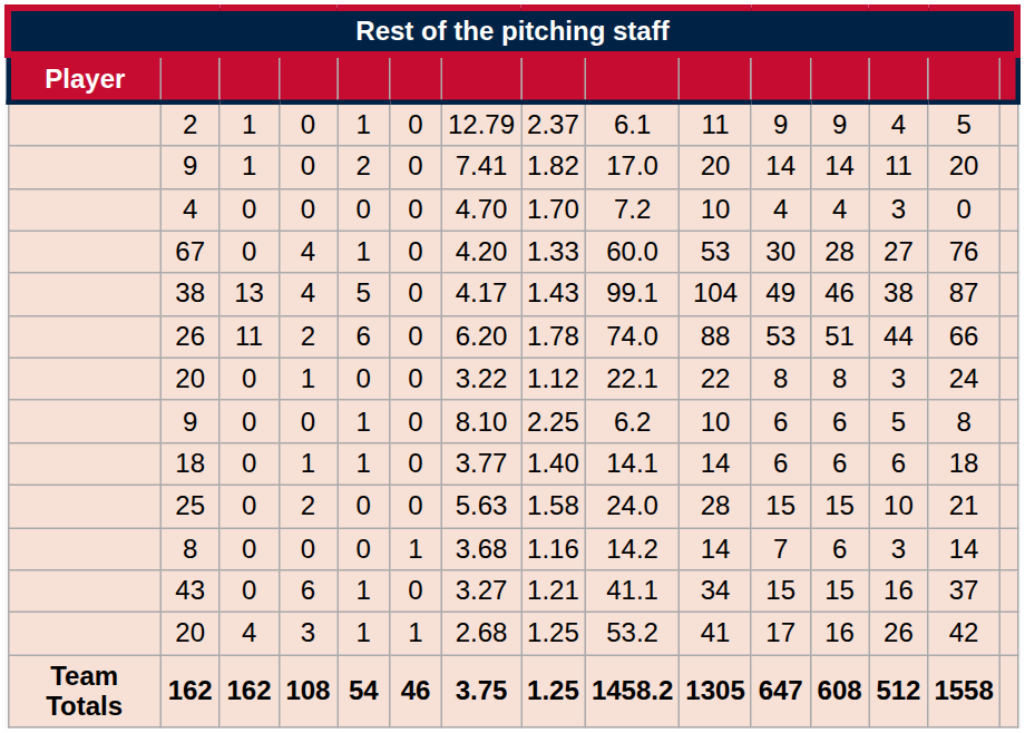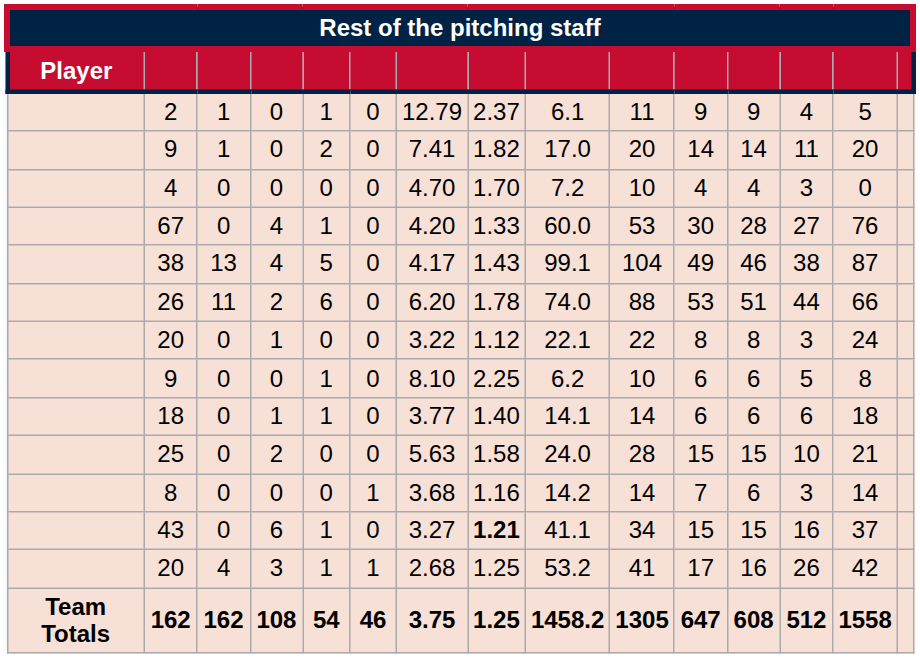 <table class="wikitable sortable mw-collapsible mw-collapsed">
 <tr>
 <th colspan=15 style="background:#024; border: 4px solid #c60c30; color:#fff">Rest of the pitching staff</th>
 </tr>
 <tr>
 <th style="background:#c60c30; width:20%; color:#fff; border-top: 3px solid #024; border-bottom: 3px solid #024; border-left: 3px solid #024;">Player</th>
 <th style="background:#c60c30; width:6%; color:#fff; border-top: 3px solid #024; border-bottom: 3px solid #024;"></th>
 <th style="background:#c60c30; width:6%; color:#fff; border-top: 3px solid #024; border-bottom: 3px solid #024;"></th>
 <th style="background:#c60c30; width:6%; color:#fff; border-top: 3px solid #024; border-bottom: 3px solid #024;"></th>
 <th style="background:#c60c30; width:6%; color:#fff; border-top: 3px solid #024; border-bottom: 3px solid #024;"></th>
 <th style="background:#c60c30; width:6%; color:#fff; border-top: 3px solid #024; border-bottom: 3px solid #024;"></th>
 <th style="background:#c60c30; width:6%; color:#fff; border-top: 3px solid #024; border-bottom: 3px solid #024;"></th>
 <th style="background:#c60c30; width:6%; color:#fff; border-top: 3px solid #024; border-bottom: 3px solid #024;"></th>
 <th style="background:#c60c30; width:6%; color:#fff; border-top: 3px solid #024; border-bottom: 3px solid #024;"></th>
 <th style="background:#c60c30; width:6%; color:#fff; border-top: 3px solid #024; border-bottom: 3px solid #024;"></th>
 <th style="background:#c60c30; width:6%; color:#fff; border-top: 3px solid #024; border-bottom: 3px solid #024;"></th>
 <th style="background:#c60c30; width:6%; color:#fff; border-top: 3px solid #024; border-bottom: 3px solid #024;"></th>
 <th style="background:#c60c30; width:6%; color:#fff; border-top: 3px solid #024; border-bottom: 3px solid #024;"></th>
 <th style="background:#c60c30; width:6%; color:#fff; border-top: 3px solid #024; border-bottom: 3px solid #024;"></th>
 <th style="background:#c60c30; width:6%; color:#fff; border-top: 3px solid #024; border-bottom: 3px solid #024; border-right: 3px solid #024;"></th>
 </tr>
 <tr style="text-align:center; background:#f7e1d7;">
 <td></td>
 <td>2</td>
 <td>1</td>
 <td>0</td>
 <td>1</td>
 <td>0</td>
 <td>12.79</td>
 <td>2.37</td>
 <td>6.1</td>
 <td>11</td>
 <td>9</td>
 <td>9</td>
 <td>4</td>
 <td>5</td>
 <td></td>
 </tr>
 <tr style="text-align:center; background:#f7e1d7;">
 <td></td>
 <td>9</td>
 <td>1</td>
 <td>0</td>
 <td>2</td>
 <td>0</td>
 <td>7.41</td>
 <td>1.82</td>
 <td>17.0</td>
 <td>20</td>
 <td>14</td>
 <td>14</td>
 <td>11</td>
 <td>20</td>
 <td></td>
 </tr>
 <tr style="text-align:center; background:#f7e1d7;">
 <td></td>
 <td>4</td>
 <td>0</td>
 <td>0</td>
 <td>0</td>
 <td>0</td>
 <td>4.70</td>
 <td>1.70</td>
 <td>7.2</td>
 <td>10</td>
 <td>4</td>
 <td>4</td>
 <td>3</td>
 <td>0</td>
 <td></td>
 </tr>
 <tr style="text-align:center; background:#f7e1d7;">
 <td></td>
 <td>67</td>
 <td>0</td>
 <td>4</td>
 <td>1</td>
 <td>0</td>
 <td>4.20</td>
 <td>1.33</td>
 <td>60.0</td>
 <td>53</td>
 <td>30</td>
 <td>28</td>
 <td>27</td>
 <td>76</td>
 <td></td>
 </tr>
 <tr style="text-align:center; background:#f7e1d7;">
 <td></td>
 <td>38</td>
 <td>13</td>
 <td>4</td>
 <td>5</td>
 <td>0</td>
 <td>4.17</td>
 <td>1.43</td>
 <td>99.1</td>
 <td>104</td>
 <td>49</td>
 <td>46</td>
 <td>38</td>
 <td>87</td>
 <td></td>
 </tr>
 <tr style="text-align:center; background:#f7e1d7;">
 <td></td>
 <td>26</td>
 <td>11</td>
 <td>2</td>
 <td>6</td>
 <td>0</td>
 <td>6.20</td>
 <td>1.78</td>
 <td>74.0</td>
 <td>88</td>
 <td>53</td>
 <td>51</td>
 <td>44</td>
 <td>66</td>
 <td></td>
 </tr>
 <tr style="text-align:center; background:#f7e1d7;">
 <td></td>
 <td>20</td>
 <td>0</td>
 <td>1</td>
 <td>0</td>
 <td>0</td>
 <td>3.22</td>
 <td>1.12</td>
 <td>22.1</td>
 <td>22</td>
 <td>8</td>
 <td>8</td>
 <td>3</td>
 <td>24</td>
 <td></td>
 </tr>
 <tr style="text-align:center; background:#f7e1d7;">
 <td></td>
 <td>9</td>
 <td>0</td>
 <td>0</td>
 <td>1</td>
 <td>0</td>
 <td>8.10</td>
 <td>2.25</td>
 <td>6.2</td>
 <td>10</td>
 <td>6</td>
 <td>6</td>
 <td>5</td>
 <td>8</td>
 <td></td>
 </tr>
 <tr style="text-align:center; background:#f7e1d7;">
 <td></td>
 <td>18</td>
 <td>0</td>
 <td>1</td>
 <td>1</td>
 <td>0</td>
 <td>3.77</td>
 <td>1.40</td>
 <td>14.1</td>
 <td>14</td>
 <td>6</td>
 <td>6</td>
 <td>6</td>
 <td>18</td>
 <td></td>
 </tr>
 <tr style="text-align:center; background:#f7e1d7;">
 <td></td>
 <td>25</td>
 <td>0</td>
 <td>2</td>
 <td>0</td>
 <td>0</td>
 <td>5.63</td>
 <td>1.58</td>
 <td>24.0</td>
 <td>28</td>
 <td>15</td>
 <td>15</td>
 <td>10</td>
 <td>21</td>
 <td></td>
 </tr>
 <tr style="text-align:center; background:#f7e1d7;">
 <td></td>
 <td>8</td>
 <td>0</td>
 <td>0</td>
 <td>0</td>
 <td>1</td>
 <td>3.68</td>
 <td>1.16</td>
 <td>14.2</td>
 <td>14</td>
 <td>7</td>
 <td>6</td>
 <td>3</td>
 <td>14</td>
 <td></td>
 </tr>
 <tr style="text-align:center; background:#f7e1d7;">
 <td></td>
 <td>43</td>
 <td>0</td>
 <td>6</td>
 <td>1</td>
 <td>0</td>
 <td>3.27</td>
-<td>1.21</td>
+<td><strong>1.21</strong></td>
 <td>41.1</td>
 <td>34</td>
 <td>15</td>
 <td>15</td>
 <td>16</td>
 <td>37</td>
 <td></td>
 </tr>
 <tr style="text-align:center; background:#f7e1d7;">
 <td></td>
 <td>20</td>
 <td>4</td>
 <td>3</td>
 <td>1</td>
 <td>1</td>
 <td>2.68</td>
 <td>1.25</td>
 <td>53.2</td>
 <td>41</td>
 <td>17</td>
 <td>16</td>
 <td>26</td>
 <td>42</td>
 <td></td>
 </tr>
 <tr style="text-align:center; background:#f7e1d7;">
 <td><strong>Team Totals</strong></td>
 <td><strong>162</strong></td>
 <td><strong>162</strong></td>
 <td><strong>108</strong></td>
 <td><strong>54</strong></td>
 <td><strong>46</strong></td>
 <td><strong>3.75</strong></td>
 <td><strong>1.25</strong></td>
 <td><strong>1458.2</strong></td>
 <td><strong>1305</strong></td>
 <td><strong>647</strong></td>
 <td><strong>608</strong></td>
 <td><strong>512</strong></td>
 <td><strong>1558</strong></td>
 <td></td>
 </tr>
 </table>
